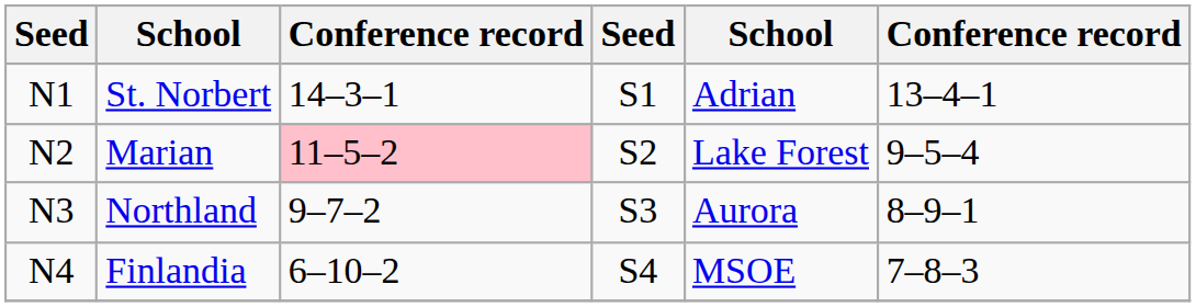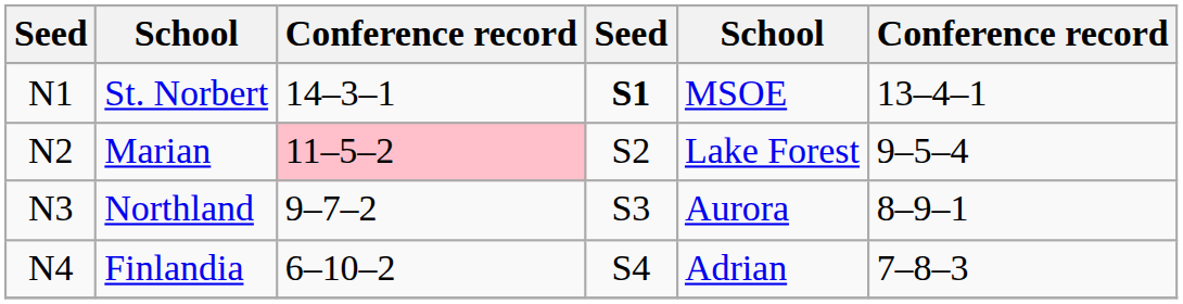 <table class="wikitable">
 <tr>
 <th>Seed</th>
 <th>School</th>
 <th>Conference record</th>
 <th>Seed</th>
 <th>School</th>
 <th>Conference record</th>
 </tr>
 <tr>
 <td align=center>N1</td>
 <td><a href='#'>St. Norbert</a></td>
 <td>14–3–1</td>
-<td align=center>S1</td>
-<td><a href='#'>Adrian</a></td>
+<td align=center><strong>S1</strong></td>
+<td><a href='#'>MSOE</a></td>
 <td>13–4–1</td>
 </tr>
 <tr>
 <td align=center>N2</td>
 <td><a href='#'>Marian</a></td>
 <td style="background: pink;">11–5–2</td>
 <td align=center>S2</td>
 <td><a href='#'>Lake Forest</a></td>
 <td>9–5–4</td>
 </tr>
 <tr>
 <td align=center>N3</td>
 <td><a href='#'>Northland</a></td>
 <td>9–7–2</td>
 <td align=center>S3</td>
 <td><a href='#'>Aurora</a></td>
 <td>8–9–1</td>
 </tr>
 <tr>
 <td align=center>N4</td>
 <td><a href='#'>Finlandia</a></td>
 <td>6–10–2</td>
 <td align=center>S4</td>
-<td><a href='#'>MSOE</a></td>
+<td><a href='#'>Adrian</a></td>
 <td>7–8–3</td>
 </tr>
 <tr>
 </tr>
 </table>
